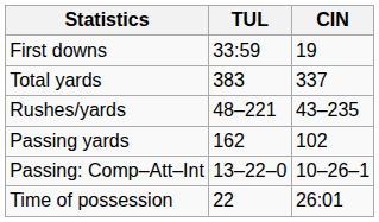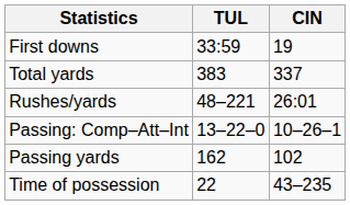 <table class="wikitable" style="float: left;">
 <tr>
 <th>Statistics</th>
 <th>TUL</th>
 <th>CIN</th>
 </tr>
 <tr>
 <td>First downs</td>
 <td>33:59</td>
 <td>19</td>
 </tr>
 <tr>
 <td>Total yards</td>
 <td>383</td>
 <td>337</td>
 </tr>
 <tr>
 <td>Rushes/yards</td>
 <td>48–221</td>
-<td>43–235</td>
+<td>26:01</td>
+</tr>
+<tr>
+<td>Passing: Comp–Att–Int</td>
+<td>13–22–0</td>
+<td>10–26–1</td>
 </tr>
 <tr>
 <td>Passing yards</td>
 <td>162</td>
 <td>102</td>
 </tr>
 <tr>
-<td>Passing: Comp–Att–Int</td>
-<td>13–22–0</td>
-<td>10–26–1</td>
-</tr>
-<tr>
 <td>Time of possession</td>
 <td>22</td>
-<td>26:01</td>
+<td>43–235</td>
 </tr>
 <tr>
 </tr>
 </table>
